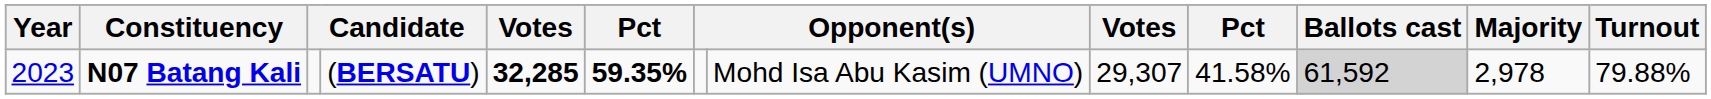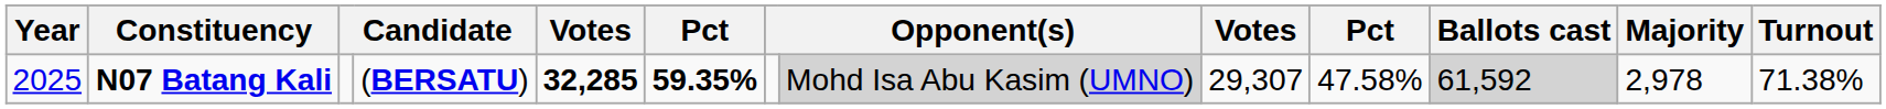 <table class="wikitable" style="margin:0.5em ; font-size:95%">
 <tr>
 <th>Year</th>
 <th>Constituency</th>
 <th colspan=2>Candidate</th>
 <th>Votes</th>
 <th>Pct</th>
 <th colspan=2>Opponent(s)</th>
 <th>Votes</th>
 <th>Pct</th>
 <th>Ballots cast</th>
 <th>Majority</th>
 <th>Turnout</th>
 </tr>
 <tr>
-<td><a href='#'>2023</a></td>
+<td><a href='#'>2025</a></td>
 <td><strong>N07 <a href='#'>Batang Kali</a></strong></td>
 <td></td>
 <td> (<a href='#'><strong>BERSATU</strong></a>)</td>
 <td align=right><strong>32,285</strong></td>
 <td><strong>59.35%</strong></td>
 <td></td>
-<td>Mohd Isa Abu Kasim (<a href='#'>UMNO</a>)</td>
+<td style="background: lightgrey;">Mohd Isa Abu Kasim (<a href='#'>UMNO</a>)</td>
 <td align=right>29,307</td>
-<td>41.58%</td>
+<td>47.58%</td>
 <td style="background: lightgrey;">61,592</td>
 <td>2,978</td>
-<td>79.88%</td>
+<td>71.38%</td>
 </tr>
 </table>
